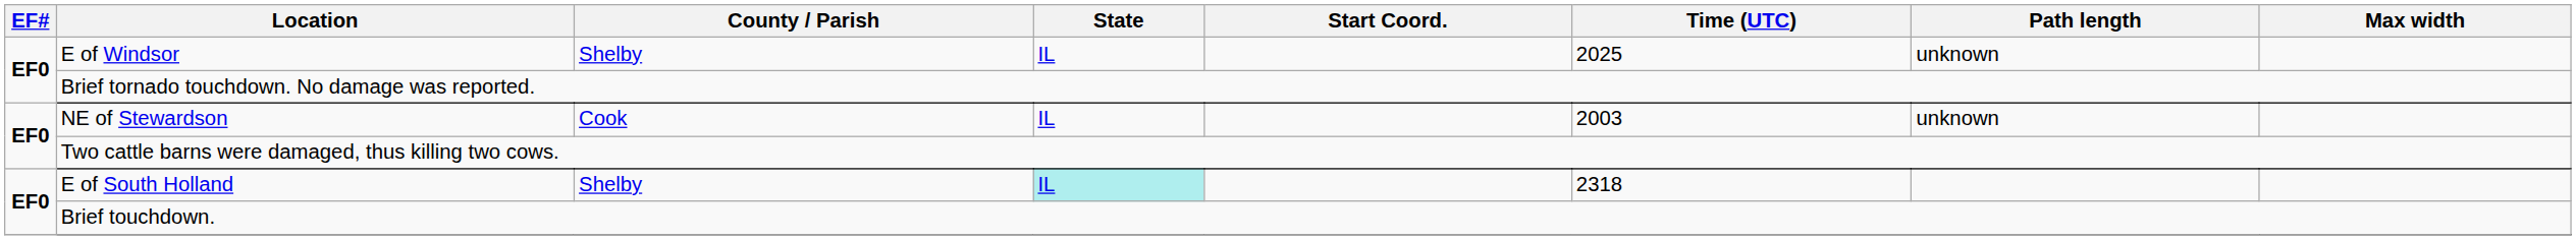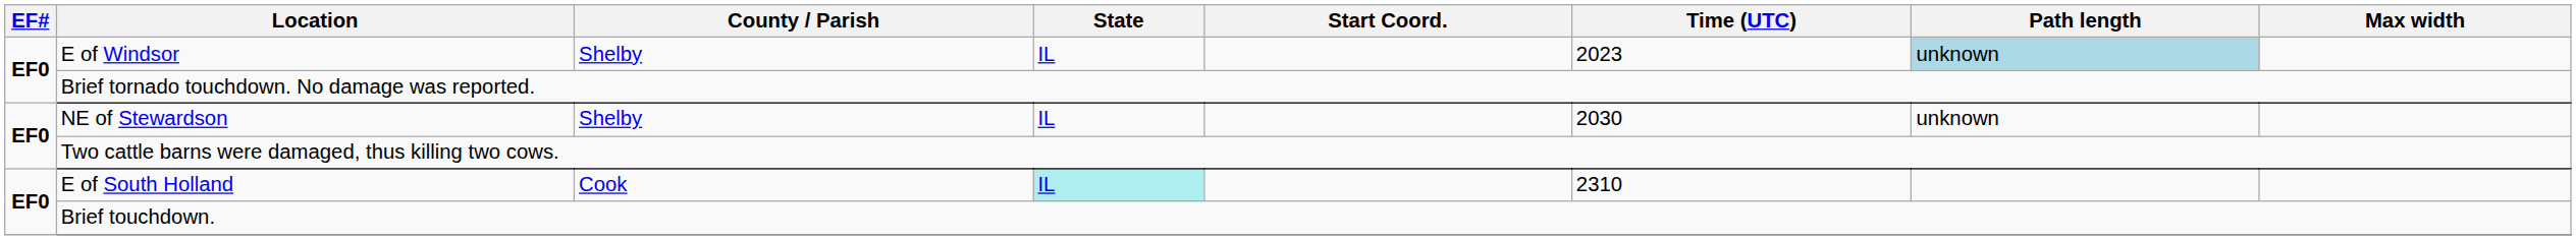 <table class="wikitable sortable" style="width:100%;">
 <tr>
 <th scope="col" width="2%" align="center"><a href='#'>EF#</a></th>
 <th scope="col" align="center" class="unsortable">Location</th>
 <th scope="col" align="center" class="unsortable">County / Parish</th>
 <th scope="col" align="center">State</th>
 <th scope="col" align="center" data-sort-type="number">Start Coord.</th>
 <th scope="col" align="center" data-sort-type="number">Time (<a href='#'>UTC</a>)</th>
 <th scope="col" align="center" data-sort-type="number">Path length</th>
 <th scope="col" align="center" data-sort-type="number">Max width</th>
 </tr>
 <tr>
 <td rowspan="2" align="center"><strong>EF0</strong></td>
 <td>E of <a href='#'>Windsor</a></td>
 <td><a href='#'>Shelby</a></td>
 <td><a href='#'>IL</a></td>
 <td></td>
-<td>2025</td>
-<td>unknown</td>
+<td>2023</td>
+<td style="background: lightblue;">unknown</td>
 <td></td>
 </tr>
 <tr class="expand-child">
 <td colspan="8" style=" border-bottom: 1px solid black;">Brief tornado touchdown. No damage was reported.</td>
 </tr>
 <tr>
 <td rowspan="2" align="center"><strong>EF0</strong></td>
 <td>NE of <a href='#'>Stewardson</a></td>
-<td><a href='#'>Cook</a></td>
+<td><a href='#'>Shelby</a></td>
 <td><a href='#'>IL</a></td>
 <td></td>
-<td>2003</td>
+<td>2030</td>
 <td>unknown</td>
 <td></td>
 </tr>
 <tr class="expand-child">
 <td colspan="8" style=" border-bottom: 1px solid black;">Two cattle barns were damaged, thus killing two cows.</td>
 </tr>
 <tr>
 <td rowspan="2" align="center"><strong>EF0</strong></td>
 <td>E of <a href='#'>South Holland</a></td>
-<td><a href='#'>Shelby</a></td>
+<td><a href='#'>Cook</a></td>
 <td style="background: paleturquoise;"><a href='#'>IL</a></td>
 <td></td>
-<td>2318</td>
+<td>2310</td>
 <td></td>
 <td></td>
 </tr>
 <tr class="expand-child">
 <td colspan="8" style=" border-bottom: 1px solid black;">Brief touchdown.</td>
 </tr>
 <tr>
 </tr>
 </table>
